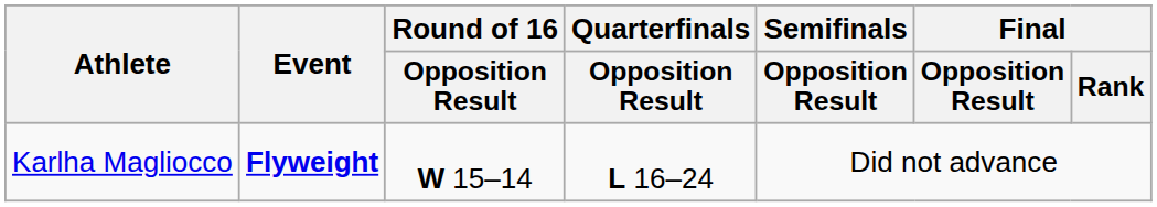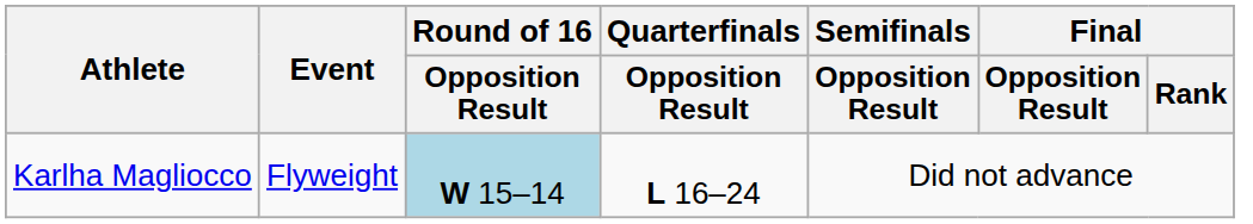 <table class="wikitable" style="font-size:90%">
 <tr>
 <th rowspan="2">Athlete</th>
 <th rowspan="2">Event</th>
 <th>Round of 16</th>
 <th>Quarterfinals</th>
 <th>Semifinals</th>
 <th colspan=2>Final</th>
 </tr>
 <tr style="font-size:95%">
 <th>Opposition<br>Result</th>
 <th>Opposition<br>Result</th>
 <th>Opposition<br>Result</th>
 <th>Opposition<br>Result</th>
 <th>Rank</th>
 </tr>
 <tr align=center>
 <td align=left><a href='#'>Karlha Magliocco</a></td>
-<td align=left><strong><a href='#'>Flyweight</a></strong></td>
-<td> <br> <strong>W</strong> 15–14</td>
+<td align=left><a href='#'>Flyweight</a></td>
+<td style="background: lightblue;"> <br> <strong>W</strong> 15–14</td>
 <td> <br> <strong>L</strong> 16–24</td>
 <td colspan=3>Did not advance</td>
 </tr>
 </table>
